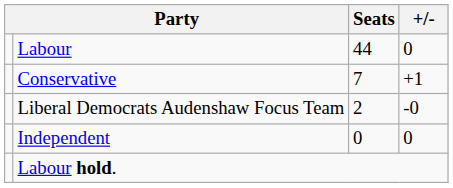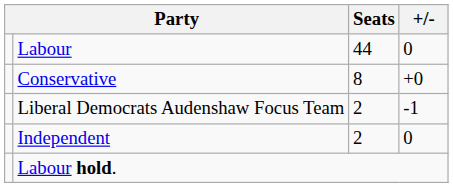 <table class="wikitable">
 <tr>
 <th colspan="2">Party</th>
 <th>Seats</th>
 <th>  +/-  </th>
 </tr>
 <tr>
 <td style="background-color: "></td>
 <td><a href='#'>Labour</a></td>
 <td>44</td>
 <td>0</td>
 </tr>
 <tr>
 <td style="background-color: "></td>
 <td><a href='#'>Conservative</a></td>
-<td>7</td>
-<td>+1</td>
+<td>8</td>
+<td>+0</td>
 </tr>
 <tr>
 <td style="background-color: "></td>
 <td>Liberal Democrats Audenshaw Focus Team</td>
 <td>2</td>
-<td>-0</td>
+<td>-1</td>
 </tr>
 <tr>
 <td style="background-color: "></td>
 <td><a href='#'>Independent</a></td>
-<td>0</td>
+<td>2</td>
 <td>0</td>
 </tr>
 <tr>
 <td style="background-color: "></td>
 <td colspan="3"><a href='#'>Labour</a> <strong>hold</strong>.</td>
 </tr>
 </table>
